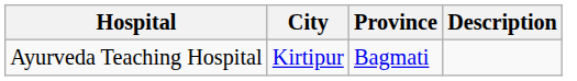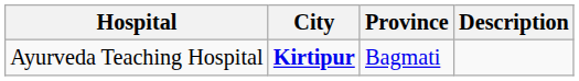 <table class="wikitable sortable">
 <tr>
 <th>Hospital</th>
 <th>City</th>
 <th>Province</th>
 <th>Description</th>
 </tr>
 <tr>
 <td>Ayurveda Teaching Hospital</td>
-<td><a href='#'>Kirtipur</a></td>
+<td><strong><a href='#'>Kirtipur</a></strong></td>
 <td><a href='#'>Bagmati</a></td>
 </tr>
 </table>
